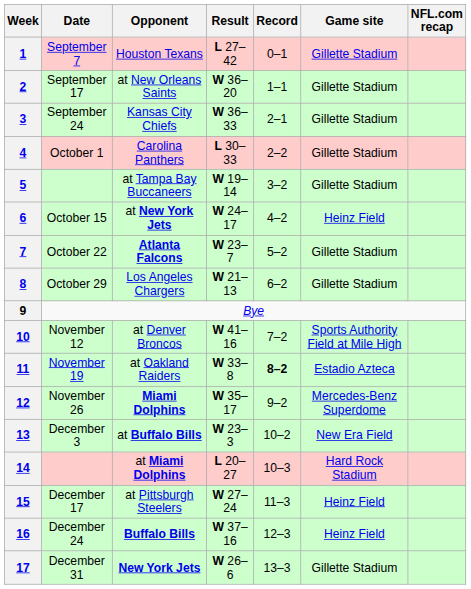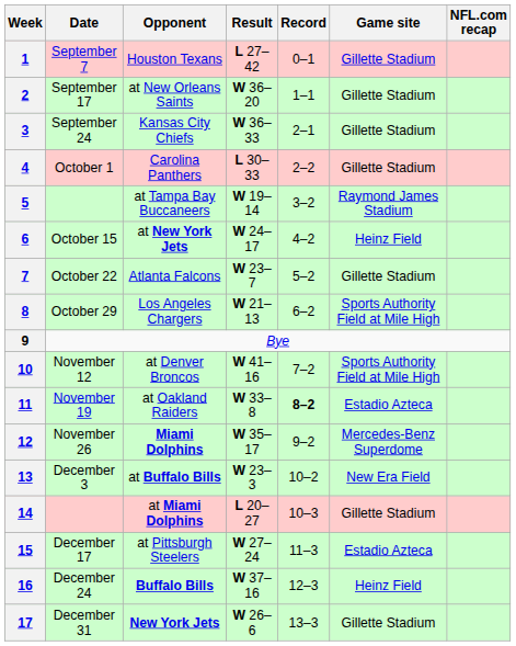 <table class="wikitable" style="text-align:center">
 <tr>
 <th>Week</th>
 <th>Date</th>
 <th>Opponent</th>
 <th>Result</th>
 <th>Record</th>
 <th>Game site</th>
 <th>NFL.com<br>recap</th>
 </tr>
 <tr style="background:#fcc">
 <th><a href='#'>1</a></th>
 <td><a href='#'>September 7</a></td>
 <td><a href='#'>Houston Texans</a></td>
 <td><strong>L</strong> 27–42</td>
 <td>0–1</td>
 <td><a href='#'>Gillette Stadium</a></td>
 <td></td>
 </tr>
 <tr style="background:#cfc">
 <th><a href='#'>2</a></th>
 <td>September 17</td>
 <td>at <a href='#'>New Orleans Saints</a></td>
 <td><strong>W</strong> 36–20</td>
 <td>1–1</td>
 <td>Gillette Stadium</td>
 <td></td>
 </tr>
 <tr style="background:#cfc">
 <th><a href='#'>3</a></th>
 <td>September 24</td>
 <td><a href='#'>Kansas City Chiefs</a></td>
 <td><strong>W</strong> 36–33</td>
 <td>2–1</td>
 <td>Gillette Stadium</td>
 <td></td>
 </tr>
 <tr style="background:#fcc">
 <th><a href='#'>4</a></th>
 <td>October 1</td>
 <td><a href='#'>Carolina Panthers</a></td>
 <td><strong>L</strong> 30–33</td>
 <td>2–2</td>
 <td>Gillette Stadium</td>
 <td></td>
 </tr>
 <tr style="background:#cfc">
 <th><a href='#'>5</a></th>
 <td></td>
 <td>at <a href='#'>Tampa Bay Buccaneers</a></td>
 <td><strong>W</strong> 19–14</td>
 <td>3–2</td>
-<td>Gillette Stadium</td>
+<td><a href='#'>Raymond James Stadium</a></td>
 <td></td>
 </tr>
 <tr style="background:#cfc">
 <th><a href='#'>6</a></th>
 <td>October 15</td>
 <td>at <strong><a href='#'>New York Jets</a></strong></td>
 <td><strong>W</strong> 24–17</td>
 <td>4–2</td>
 <td><a href='#'>Heinz Field</a></td>
 <td></td>
 </tr>
 <tr style="background:#cfc">
 <th><a href='#'>7</a></th>
 <td>October 22</td>
-<td><strong><a href='#'>Atlanta Falcons</a></strong></td>
+<td><a href='#'>Atlanta Falcons</a></td>
 <td><strong>W</strong> 23–7</td>
 <td>5–2</td>
 <td>Gillette Stadium</td>
 <td></td>
 </tr>
 <tr style="background:#cfc">
 <th><a href='#'>8</a></th>
 <td>October 29</td>
 <td><a href='#'>Los Angeles Chargers</a></td>
 <td><strong>W</strong> 21–13</td>
 <td>6–2</td>
-<td>Gillette Stadium</td>
+<td><a href='#'>Sports Authority Field at Mile High</a></td>
 <td></td>
 </tr>
 <tr>
 <th>9</th>
 <td colspan=6><em><a href='#'>Bye</a></em></td>
 </tr>
 <tr style="background:#cfc">
 <th><a href='#'>10</a></th>
 <td>November 12</td>
 <td>at <a href='#'>Denver Broncos</a></td>
 <td><strong>W</strong> 41–16</td>
 <td>7–2</td>
 <td><a href='#'>Sports Authority Field at Mile High</a></td>
 <td></td>
 </tr>
 <tr style="background:#cfc">
 <th><a href='#'>11</a></th>
 <td><a href='#'>November 19</a></td>
 <td>at <a href='#'>Oakland Raiders</a></td>
 <td><strong>W</strong> 33–8</td>
 <td><strong>8–2</strong></td>
 <td> <a href='#'>Estadio Azteca</a> </td>
 <td></td>
 </tr>
 <tr style="background:#cfc">
 <th><a href='#'>12</a></th>
 <td>November 26</td>
 <td><strong><a href='#'>Miami Dolphins</a></strong></td>
 <td><strong>W</strong> 35–17</td>
 <td>9–2</td>
 <td><a href='#'>Mercedes-Benz Superdome</a></td>
 <td></td>
 </tr>
 <tr style="background:#cfc">
 <th><a href='#'>13</a></th>
 <td>December 3</td>
 <td>at <strong><a href='#'>Buffalo Bills</a></strong></td>
 <td><strong>W</strong> 23–3</td>
 <td>10–2</td>
 <td><a href='#'>New Era Field</a></td>
 <td></td>
 </tr>
 <tr style="background:#fcc">
 <th><a href='#'>14</a></th>
 <td></td>
 <td>at <strong><a href='#'>Miami Dolphins</a></strong></td>
 <td><strong>L</strong> 20–27</td>
 <td>10–3</td>
-<td><a href='#'>Hard Rock Stadium</a></td>
+<td>Gillette Stadium</td>
 <td></td>
 </tr>
 <tr style="background:#cfc">
 <th><a href='#'>15</a></th>
 <td>December 17</td>
 <td>at <a href='#'>Pittsburgh Steelers</a></td>
 <td><strong>W</strong> 27–24</td>
 <td>11–3</td>
-<td><a href='#'>Heinz Field</a></td>
+<td> <a href='#'>Estadio Azteca</a> </td>
 <td></td>
 </tr>
 <tr style="background:#cfc">
 <th><a href='#'>16</a></th>
 <td>December 24</td>
 <td><strong><a href='#'>Buffalo Bills</a></strong></td>
 <td><strong>W</strong> 37–16</td>
 <td>12–3</td>
 <td><a href='#'>Heinz Field</a></td>
 <td></td>
 </tr>
 <tr style="background:#cfc">
 <th><a href='#'>17</a></th>
 <td>December 31</td>
 <td><strong><a href='#'>New York Jets</a></strong></td>
 <td><strong>W</strong> 26–6</td>
 <td>13–3</td>
 <td>Gillette Stadium</td>
 <td></td>
 </tr>
 </table>
